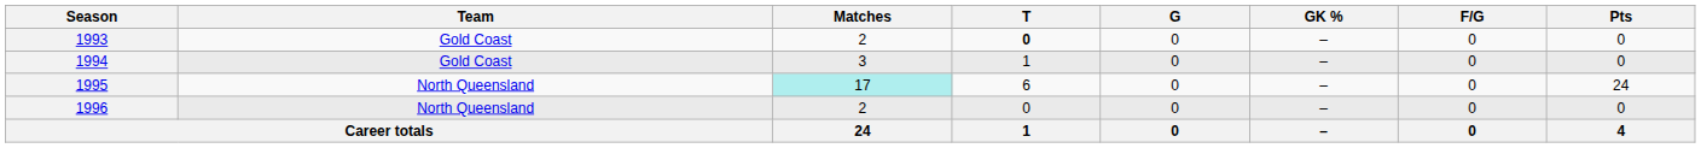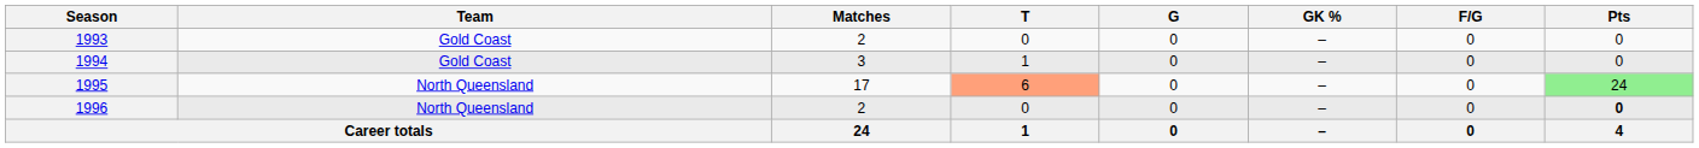 <table class="wikitable sortable"  style="font-size:90%; text-align:center; width:85%;">
 <tr>
 <th width=2%>Season</th>
 <th width=8%>Team</th>
 <th width=2%>Matches</th>
 <th width=2%>T</th>
 <th width=2%>G</th>
 <th width=2%>GK %</th>
 <th width=2%>F/G</th>
 <th width=2%>Pts</th>
 </tr>
 <tr>
 <th scope="row" style="text-align:center; font-weight:normal"><a href='#'>1993</a></th>
 <td style="text-align:center;"> <a href='#'>Gold Coast</a></td>
 <td>2</td>
-<td><strong>0</strong></td>
+<td>0</td>
 <td>0</td>
 <td>–</td>
 <td>0</td>
 <td>0</td>
 </tr>
 <tr style="background-color: #EAEAEA">
 <th scope="row" style="text-align:center; font-weight:normal"><a href='#'>1994</a></th>
 <td style="text-align:center;"> <a href='#'>Gold Coast</a></td>
 <td>3</td>
 <td>1</td>
 <td>0</td>
 <td>–</td>
 <td>0</td>
 <td>0</td>
 </tr>
 <tr>
 <th scope="row" style="text-align:center; font-weight:normal"><a href='#'>1995</a></th>
 <td style="text-align:center;"> <a href='#'>North Queensland</a></td>
-<td style="background: paleturquoise;">17</td>
-<td>6</td>
+<td>17</td>
+<td style="background: lightsalmon;">6</td>
 <td>0</td>
 <td>–</td>
 <td>0</td>
-<td>24</td>
+<td style="background: lightgreen;">24</td>
 </tr>
 <tr style="background-color: #EAEAEA">
 <th scope="row" style="text-align:center; font-weight:normal"><a href='#'>1996</a></th>
 <td style="text-align:center;"> <a href='#'>North Queensland</a></td>
 <td>2</td>
 <td>0</td>
 <td>0</td>
 <td>–</td>
 <td>0</td>
-<td>0</td>
+<td><strong>0</strong></td>
 </tr>
 <tr class="sortbottom">
 <th colspan=2>Career totals</th>
 <th>24</th>
 <th>1</th>
 <th>0</th>
 <th>–</th>
 <th>0</th>
 <th>4</th>
 </tr>
 </table>
